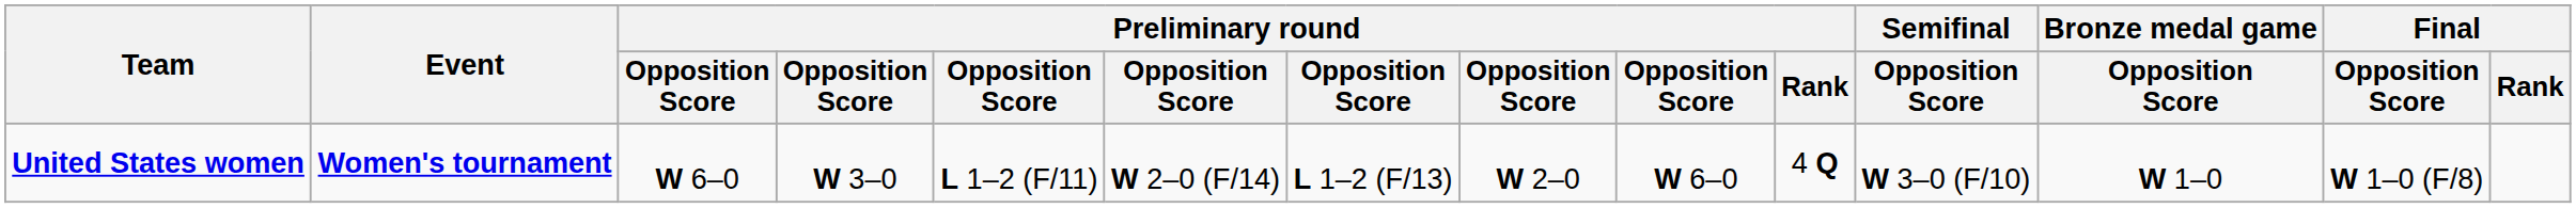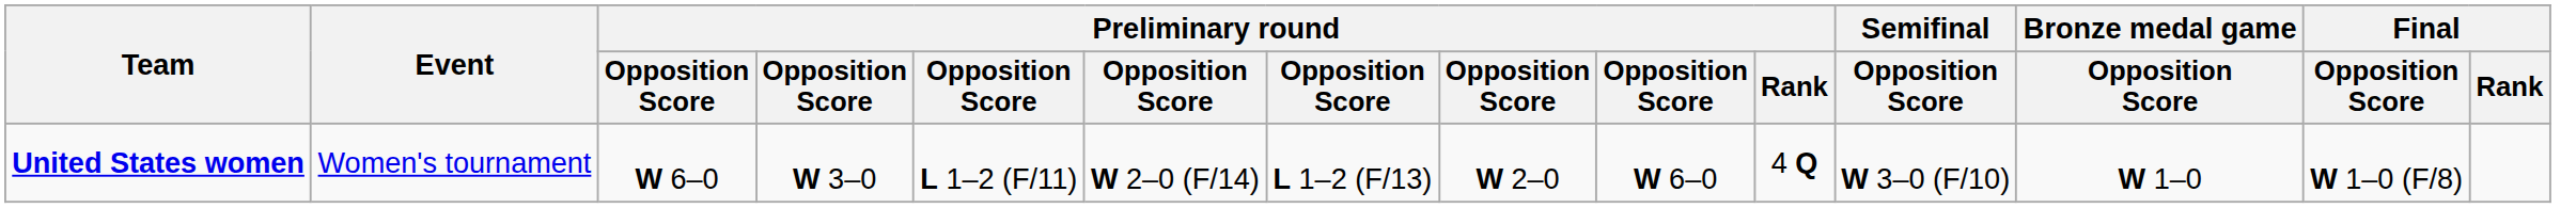 <table class=wikitable style=font-size:90%;text-align:center>
 <tr>
 <th rowspan=2>Team</th>
 <th rowspan=2>Event</th>
 <th colspan=8>Preliminary round</th>
 <th>Semifinal</th>
 <th>Bronze medal game</th>
 <th colspan=2>Final</th>
 </tr>
 <tr style=font-size:95%>
 <th>Opposition<br>Score</th>
 <th>Opposition<br>Score</th>
 <th>Opposition<br>Score</th>
 <th>Opposition<br>Score</th>
 <th>Opposition<br>Score</th>
 <th>Opposition<br>Score</th>
 <th>Opposition<br>Score</th>
 <th>Rank</th>
 <th>Opposition<br>Score</th>
 <th>Opposition<br>Score</th>
 <th>Opposition<br>Score</th>
 <th>Rank</th>
 </tr>
 <tr>
 <td align=left><strong><a href='#'>United States women</a></strong></td>
-<td align=left><strong><a href='#'>Women's tournament</a></strong></td>
+<td align=left><a href='#'>Women's tournament</a></td>
 <td><br><strong>W</strong> 6–0</td>
 <td><br><strong>W</strong> 3–0</td>
 <td><br><strong>L</strong> 1–2 (F/11)</td>
 <td><br><strong>W</strong> 2–0 (F/14)</td>
 <td><br><strong>L</strong> 1–2 (F/13)</td>
 <td><br><strong>W</strong> 2–0</td>
 <td><br><strong>W</strong> 6–0</td>
 <td>4 <strong>Q</strong></td>
 <td><br><strong>W</strong> 3–0 (F/10)</td>
 <td><br><strong>W</strong> 1–0</td>
 <td><br><strong>W</strong> 1–0 (F/8)</td>
 <td></td>
 </tr>
 </table>
